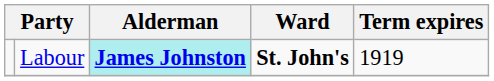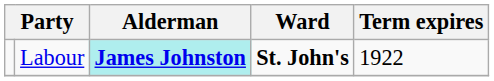 <table class="wikitable">
 <tr>
 <th colspan="2">Party</th>
 <th>Alderman</th>
 <th>Ward</th>
 <th>Term expires</th>
 </tr>
 <tr>
 <td style="background-color:"></td>
 <td><a href='#'>Labour</a></td>
 <td style="background: paleturquoise;"><strong><a href='#'>James Johnston</a></strong></td>
 <td><strong>St. John's</strong></td>
-<td>1919</td>
+<td>1922</td>
 </tr>
 <tr>
 </tr>
 </table>
